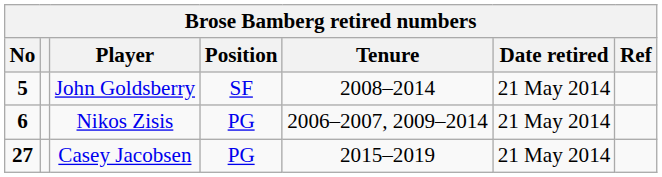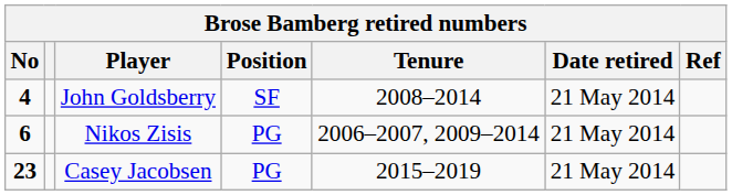 <table class="wikitable" style="text-align:center">
 <tr>
 <th colspan="7">Brose Bamberg retired numbers</th>
 </tr>
 <tr>
 <th>No</th>
 <th></th>
 <th>Player</th>
 <th>Position</th>
 <th>Tenure</th>
 <th>Date retired</th>
 <th>Ref</th>
 </tr>
 <tr>
-<td><strong>5</strong></td>
+<td><strong>4</strong></td>
 <td></td>
 <td><a href='#'>John Goldsberry</a></td>
 <td><a href='#'>SF</a></td>
 <td>2008–2014</td>
 <td>21 May 2014</td>
 <td></td>
 </tr>
 <tr>
 <td><strong>6</strong></td>
 <td></td>
 <td><a href='#'>Nikos Zisis</a></td>
 <td><a href='#'>PG</a></td>
 <td>2006–2007, 2009–2014</td>
 <td>21 May 2014</td>
 <td></td>
 </tr>
 <tr>
-<td><strong>27</strong></td>
+<td><strong>23</strong></td>
 <td></td>
 <td><a href='#'>Casey Jacobsen</a></td>
 <td><a href='#'>PG</a></td>
 <td>2015–2019</td>
 <td>21 May 2014</td>
 <td></td>
 </tr>
 </table>
